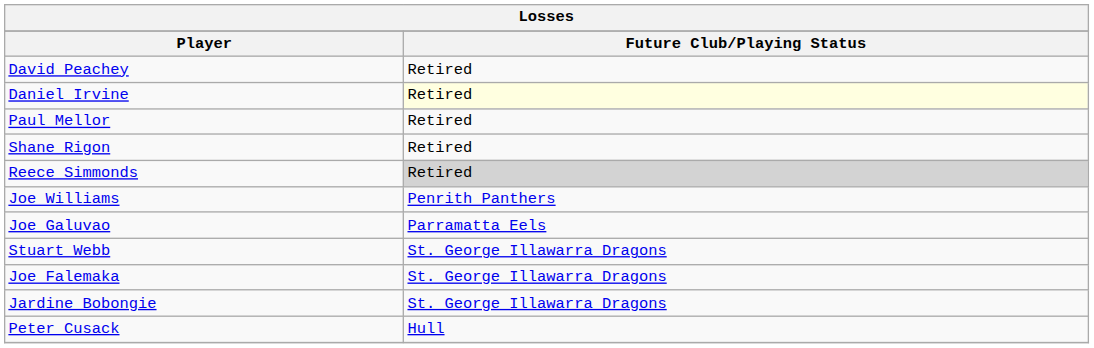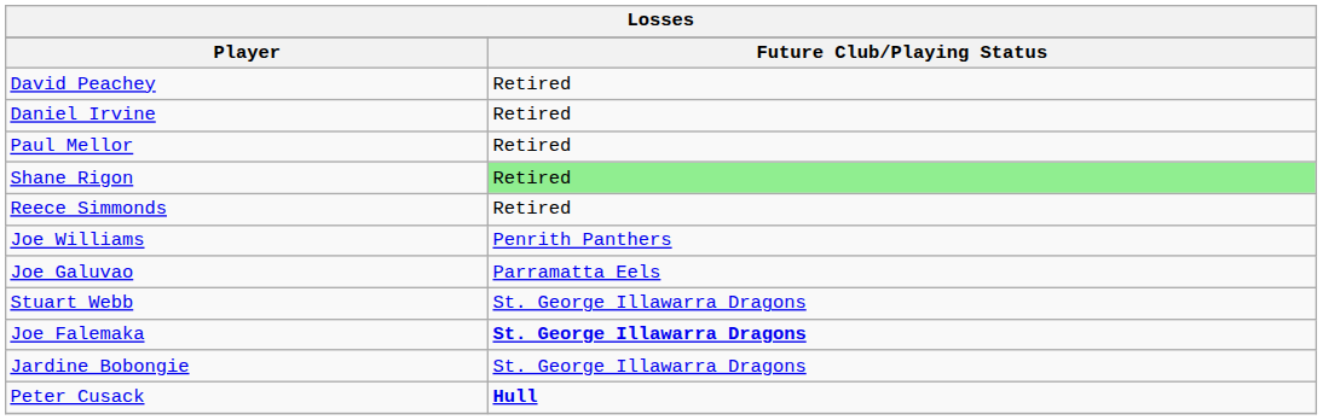 <table class="wikitable" width="65%" style="font-size:90%">
 <tr bgcolor="#efefef">
 <th colspan=11>Losses</th>
 </tr>
 <tr bgcolor="#efefef">
 </tr>
 <tr>
 <th>Player</th>
 <th>Future Club/Playing Status</th>
 </tr>
 <tr>
 <td><a href='#'>David Peachey</a></td>
 <td>Retired</td>
 </tr>
 <tr>
 <td><a href='#'>Daniel Irvine</a></td>
-<td style="background: lightyellow;">Retired</td>
+<td>Retired</td>
 </tr>
 <tr>
 <td><a href='#'>Paul Mellor</a></td>
 <td>Retired</td>
 </tr>
 <tr>
 <td><a href='#'>Shane Rigon</a></td>
-<td>Retired</td>
+<td style="background: lightgreen;">Retired</td>
 </tr>
 <tr>
 <td><a href='#'>Reece Simmonds</a></td>
-<td style="background: lightgrey;">Retired</td>
+<td>Retired</td>
 </tr>
 <tr>
 <td><a href='#'>Joe Williams</a></td>
 <td><a href='#'>Penrith Panthers</a></td>
 </tr>
 <tr>
 <td><a href='#'>Joe Galuvao</a></td>
 <td><a href='#'>Parramatta Eels</a></td>
 </tr>
 <tr>
 <td><a href='#'>Stuart Webb</a></td>
 <td><a href='#'>St. George Illawarra Dragons</a></td>
 </tr>
 <tr>
 <td><a href='#'>Joe Falemaka</a></td>
-<td><a href='#'>St. George Illawarra Dragons</a></td>
+<td><strong><a href='#'>St. George Illawarra Dragons</a></strong></td>
 </tr>
 <tr>
 <td><a href='#'>Jardine Bobongie</a></td>
 <td><a href='#'>St. George Illawarra Dragons</a></td>
 </tr>
 <tr>
 <td><a href='#'>Peter Cusack</a></td>
-<td><a href='#'>Hull</a></td>
+<td><strong><a href='#'>Hull</a></strong></td>
 </tr>
 <tr>
 </tr>
 </table>
